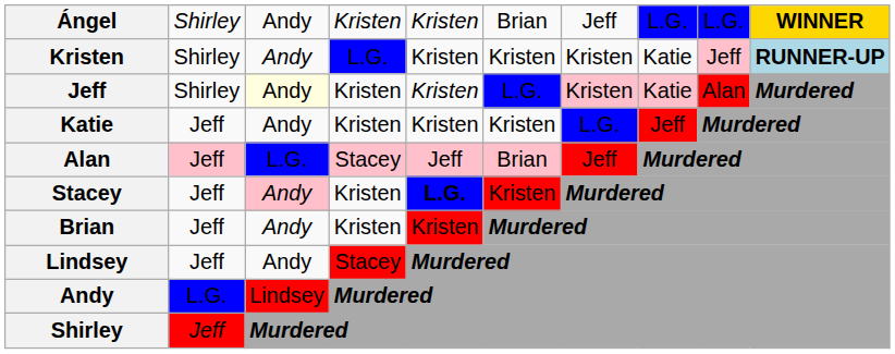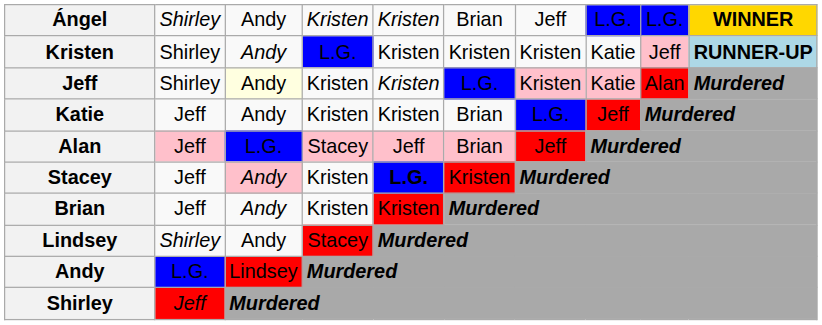 <table class="wikitable" border="1" style="text-align:center; margin-top:0.25%;">
 <tr>
 <th scope="row" style="width:18.5%">Ángel</th>
 <td><em>Shirley</em></td>
 <td>Andy</td>
 <td><em>Kristen</em></td>
 <td><em>Kristen</em></td>
 <td>Brian</td>
 <td>Jeff</td>
 <td bgcolor="#0000FF"><span>L.G.</span></td>
 <td bgcolor="#0000FF"><span>L.G.</span></td>
 <td colspan="2" bgcolor="#FFD700"><strong>WINNER</strong></td>
 </tr>
 <tr>
 <th scope="row">Kristen</th>
 <td>Shirley</td>
 <td><em>Andy</em></td>
 <td bgcolor="#0000FF"><span>L.G.</span></td>
 <td>Kristen</td>
 <td>Kristen</td>
 <td>Kristen</td>
 <td>Katie</td>
 <td style="background:pink;">Jeff</td>
 <td colspan="2" bgcolor="#ADD8E6"><strong>RUNNER-UP</strong></td>
 </tr>
 <tr>
 <th scope="row">Jeff</th>
 <td>Shirley</td>
 <td style="background: lightyellow;">Andy</td>
 <td>Kristen</td>
 <td><em>Kristen</em></td>
 <td bgcolor="#0000FF"><span>L.G.</span></td>
 <td style="background:pink;">Kristen</td>
 <td style="background:pink;">Katie</td>
 <td style="background:red;">Alan</td>
 <td colspan="2" bgcolor="darkgray" align="left"><strong><em>Murdered</em></strong></td>
 </tr>
 <tr>
 <th scope="row">Katie</th>
 <td>Jeff</td>
 <td>Andy</td>
 <td>Kristen</td>
 <td>Kristen</td>
-<td>Kristen</td>
+<td>Brian</td>
 <td bgcolor="#0000FF"><span>L.G.</span></td>
 <td style="background:red;">Jeff</td>
 <td colspan="3" bgcolor="darkgray" align="left"><strong><em>Murdered</em></strong></td>
 </tr>
 <tr>
 <th scope="row">Alan</th>
 <td style="background:pink;">Jeff</td>
 <td bgcolor="#0000FF"><span>L.G.</span></td>
 <td style="background:pink;">Stacey</td>
 <td style="background:pink;">Jeff</td>
 <td style="background:pink;">Brian</td>
 <td style="background:red;">Jeff</td>
 <td colspan="4" bgcolor="darkgray" align="left"><strong><em>Murdered</em></strong></td>
 </tr>
 <tr>
 <th scope="row">Stacey</th>
 <td>Jeff</td>
 <td style="background:pink;"><em>Andy</em></td>
 <td>Kristen</td>
 <td bgcolor="#0000FF"><strong><span>L.G.</span></strong></td>
 <td style="background:red;">Kristen</td>
 <td colspan="5" bgcolor="darkgray" align="left"><strong><em>Murdered</em></strong></td>
 </tr>
 <tr>
 <th scope="row">Brian</th>
 <td>Jeff</td>
 <td><em>Andy</em></td>
 <td>Kristen</td>
 <td style="background:red;">Kristen</td>
 <td colspan="6" bgcolor="darkgray" align="left"><strong><em>Murdered</em></strong></td>
 </tr>
 <tr>
 <th scope="row">Lindsey</th>
-<td>Jeff</td>
+<td><em>Shirley</em></td>
 <td>Andy</td>
 <td style="background:red;">Stacey</td>
 <td colspan="7" bgcolor="darkgray" align="left"><strong><em>Murdered</em></strong></td>
 </tr>
 <tr>
 <th scope="row">Andy</th>
 <td bgcolor="#0000FF"><span>L.G.</span></td>
 <td style="background:red;">Lindsey</td>
 <td colspan="8" bgcolor="darkgray" align="left"><strong><em>Murdered</em></strong></td>
 </tr>
 <tr>
 <th scope="row">Shirley</th>
 <td style="background:red;"><em>Jeff</em></td>
 <td colspan="9" bgcolor="darkgray" align="left"><strong><em>Murdered</em></strong></td>
 </tr>
 </table>
